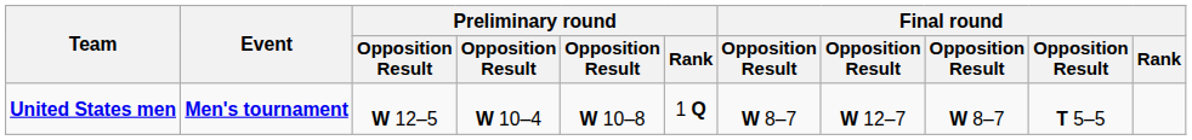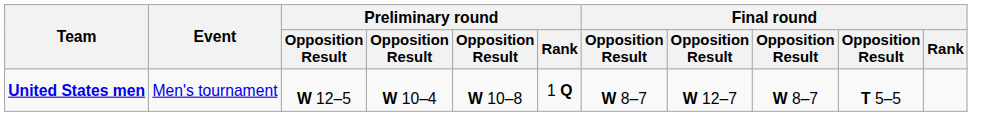 <table class=wikitable style=font-size:90%;text-align:center>
 <tr>
 <th rowspan=2>Team</th>
 <th rowspan=2>Event</th>
 <th colspan=4>Preliminary round</th>
 <th colspan=5>Final round</th>
 </tr>
 <tr style=font-size:95%>
 <th>Opposition<br>Result</th>
 <th>Opposition<br>Result</th>
 <th>Opposition<br>Result</th>
 <th>Rank</th>
 <th>Opposition<br>Result</th>
 <th>Opposition<br>Result</th>
 <th>Opposition<br>Result</th>
 <th>Opposition<br>Result</th>
 <th>Rank</th>
 </tr>
 <tr>
 <td align=left><strong><a href='#'>United States men</a></strong></td>
-<td align=left><strong><a href='#'>Men's tournament</a></strong></td>
+<td align=left><a href='#'>Men's tournament</a></td>
 <td><br><strong>W</strong> 12–5</td>
 <td><br><strong>W</strong> 10–4</td>
 <td><br><strong>W</strong> 10–8</td>
 <td>1 <strong>Q</strong></td>
 <td><br><strong>W</strong> 8–7</td>
 <td><br><strong>W</strong> 12–7</td>
 <td><br><strong>W</strong> 8–7</td>
 <td><br><strong>T</strong> 5–5</td>
 <td></td>
 </tr>
 </table>
